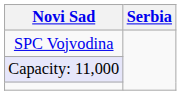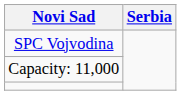 <table class="wikitable" style="text-align:center">
 <tr>
 <th><a href='#'>Novi Sad</a></th>
 <th><a href='#'>Serbia</a></th>
 </tr>
 <tr>
 <td><a href='#'>SPC Vojvodina</a></td>
 <td rowspan=3></td>
 </tr>
 <tr>
-<td style="background: lavender;">Capacity: 11,000</td>
+<td>Capacity: 11,000</td>
 </tr>
 <tr>
 <td></td>
 </tr>
 </table>
